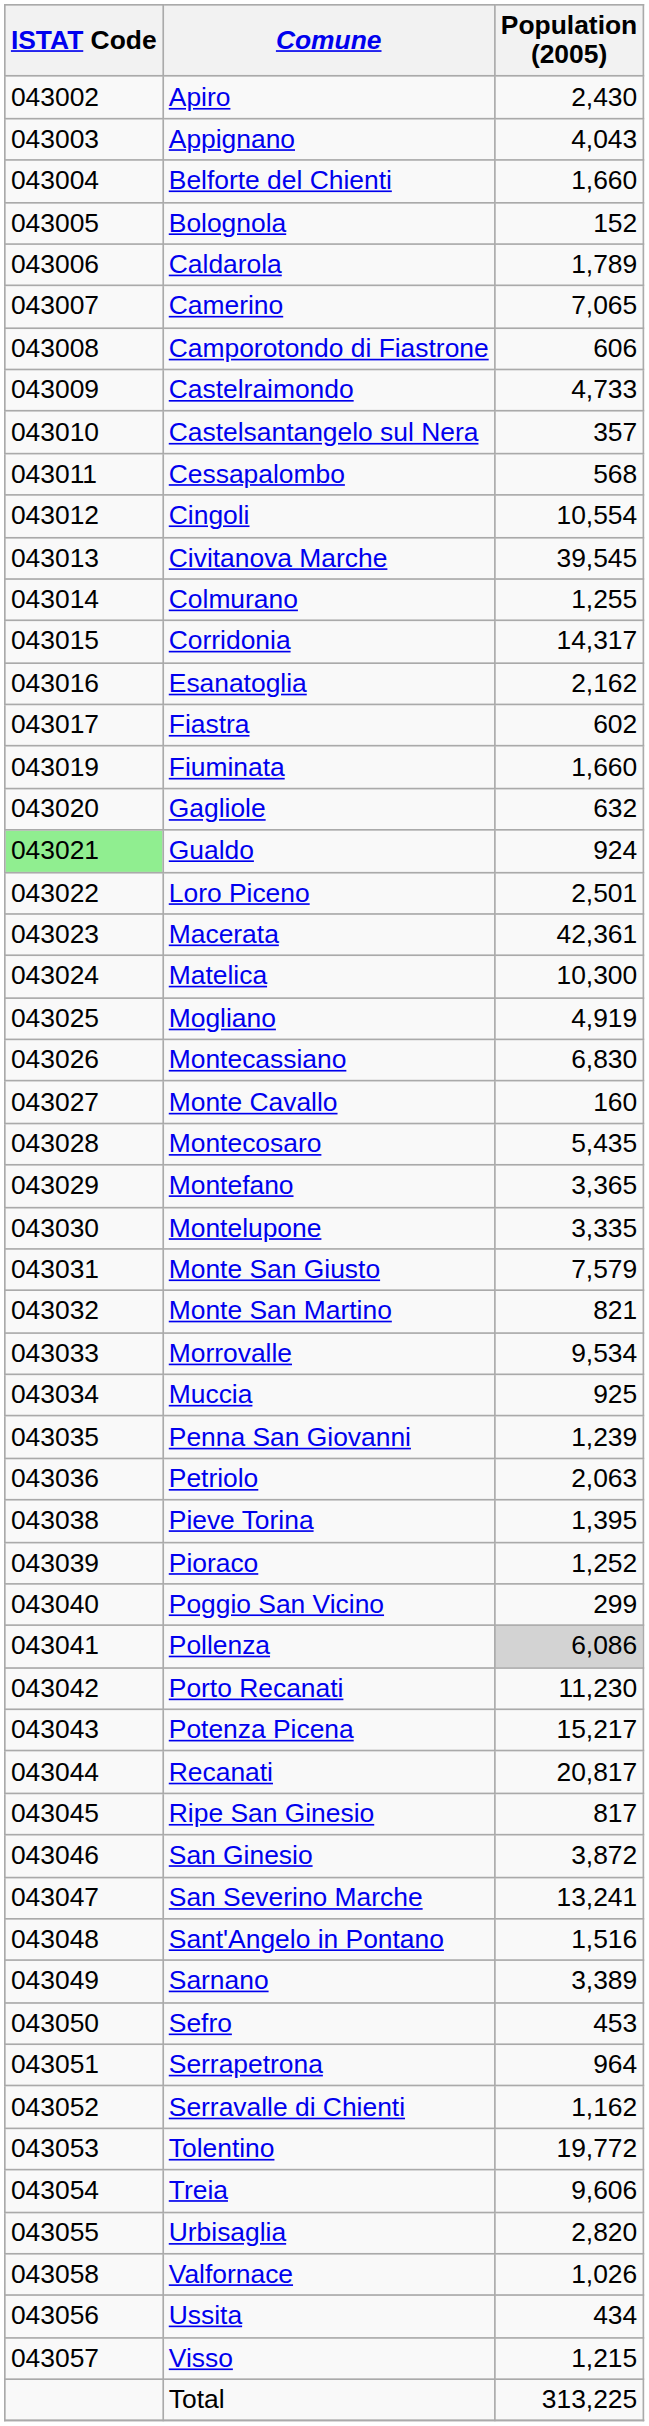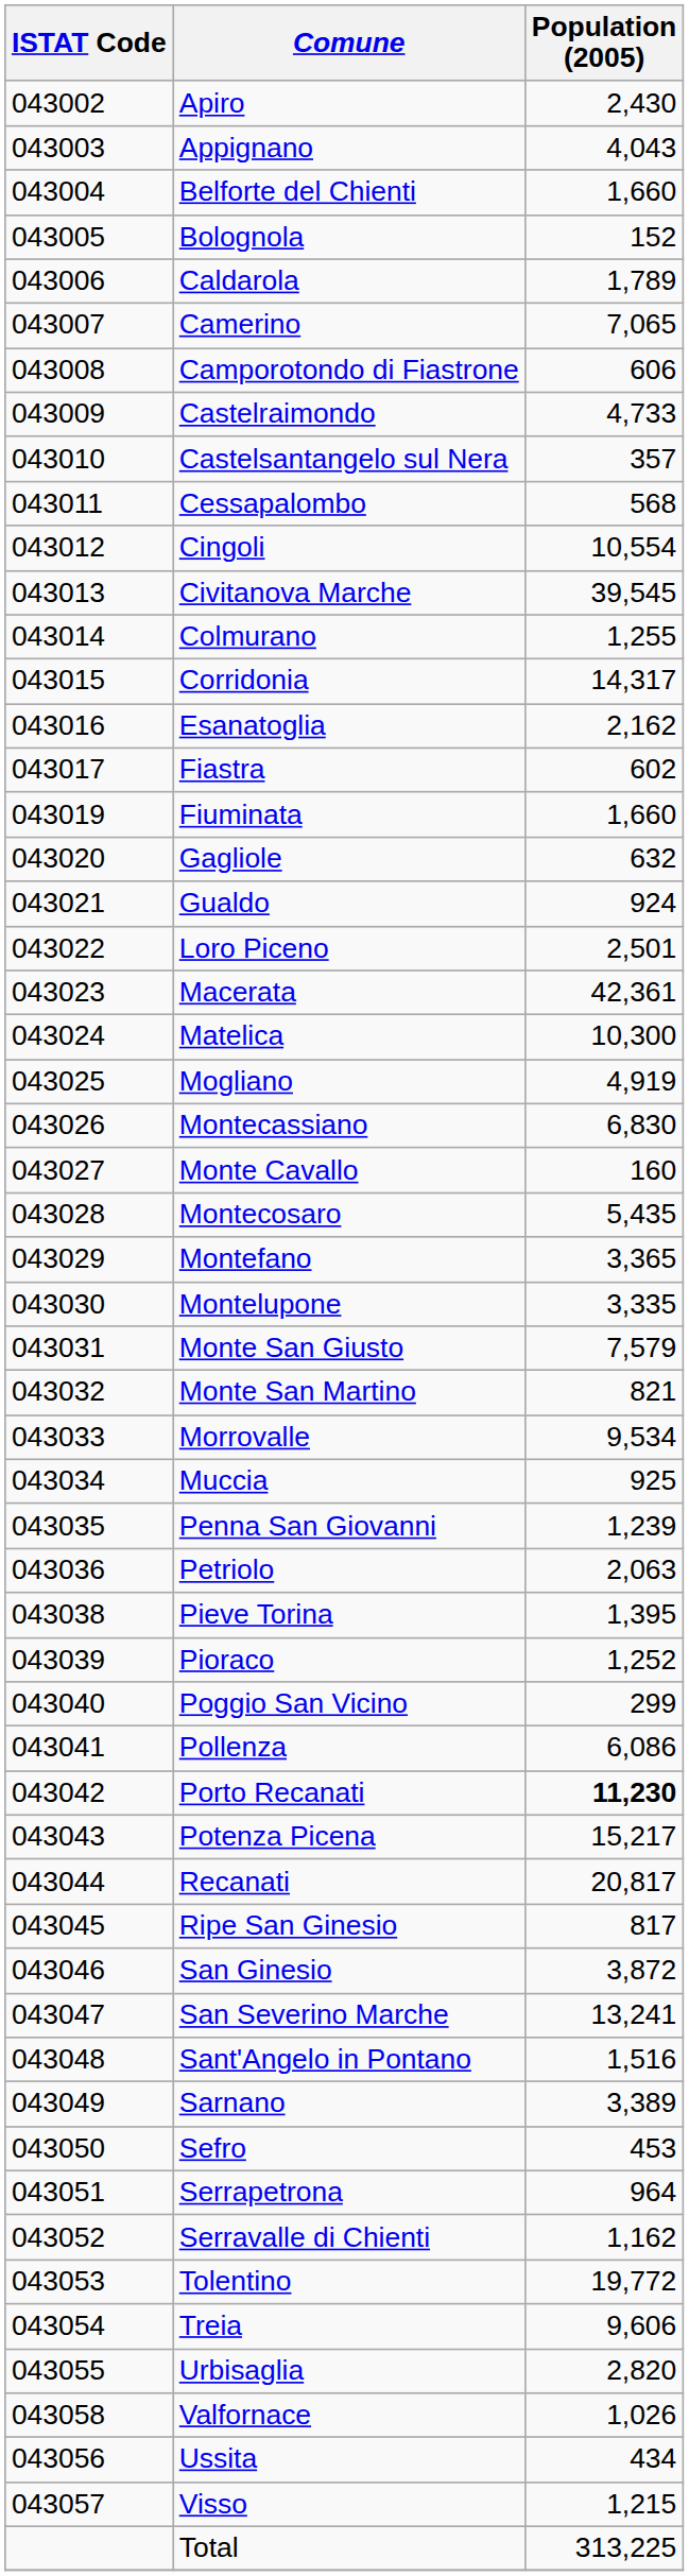 <table class="wikitable sortable">
 <tr>
 <th><a href='#'>ISTAT</a> Code</th>
 <th><em><a href='#'>Comune</a></em></th>
 <th>Population <br>(2005)</th>
 </tr>
 <tr>
 <td>043002</td>
 <td><a href='#'>Apiro</a></td>
 <td align="right">2,430</td>
 </tr>
 <tr>
 <td>043003</td>
 <td><a href='#'>Appignano</a></td>
 <td align="right">4,043</td>
 </tr>
 <tr>
 <td>043004</td>
 <td><a href='#'>Belforte del Chienti</a></td>
 <td align="right">1,660</td>
 </tr>
 <tr>
 <td>043005</td>
 <td><a href='#'>Bolognola</a></td>
 <td align="right">152</td>
 </tr>
 <tr>
 <td>043006</td>
 <td><a href='#'>Caldarola</a></td>
 <td align="right">1,789</td>
 </tr>
 <tr>
 <td>043007</td>
 <td><a href='#'>Camerino</a></td>
 <td align="right">7,065</td>
 </tr>
 <tr>
 <td>043008</td>
 <td><a href='#'>Camporotondo di Fiastrone</a></td>
 <td align="right">606</td>
 </tr>
 <tr>
 <td>043009</td>
 <td><a href='#'>Castelraimondo</a></td>
 <td align="right">4,733</td>
 </tr>
 <tr>
 <td>043010</td>
 <td><a href='#'>Castelsantangelo sul Nera</a></td>
 <td align="right">357</td>
 </tr>
 <tr>
 <td>043011</td>
 <td><a href='#'>Cessapalombo</a></td>
 <td align="right">568</td>
 </tr>
 <tr>
 <td>043012</td>
 <td><a href='#'>Cingoli</a></td>
 <td align="right">10,554</td>
 </tr>
 <tr>
 <td>043013</td>
 <td><a href='#'>Civitanova Marche</a></td>
 <td align="right">39,545</td>
 </tr>
 <tr>
 <td>043014</td>
 <td><a href='#'>Colmurano</a></td>
 <td align="right">1,255</td>
 </tr>
 <tr>
 <td>043015</td>
 <td><a href='#'>Corridonia</a></td>
 <td align="right">14,317</td>
 </tr>
 <tr>
 <td>043016</td>
 <td><a href='#'>Esanatoglia</a></td>
 <td align="right">2,162</td>
 </tr>
 <tr>
 <td>043017</td>
 <td><a href='#'>Fiastra</a></td>
 <td align="right">602</td>
 </tr>
 <tr>
 <td>043019</td>
 <td><a href='#'>Fiuminata</a></td>
 <td align="right">1,660</td>
 </tr>
 <tr>
 <td>043020</td>
 <td><a href='#'>Gagliole</a></td>
 <td align="right">632</td>
 </tr>
 <tr>
-<td style="background: lightgreen;">043021</td>
+<td>043021</td>
 <td><a href='#'>Gualdo</a></td>
 <td align="right">924</td>
 </tr>
 <tr>
 <td>043022</td>
 <td><a href='#'>Loro Piceno</a></td>
 <td align="right">2,501</td>
 </tr>
 <tr>
 <td>043023</td>
 <td><a href='#'>Macerata</a></td>
 <td align="right">42,361</td>
 </tr>
 <tr>
 <td>043024</td>
 <td><a href='#'>Matelica</a></td>
 <td align="right">10,300</td>
 </tr>
 <tr>
 <td>043025</td>
 <td><a href='#'>Mogliano</a></td>
 <td align="right">4,919</td>
 </tr>
 <tr>
 <td>043026</td>
 <td><a href='#'>Montecassiano</a></td>
 <td align="right">6,830</td>
 </tr>
 <tr>
 <td>043027</td>
 <td><a href='#'>Monte Cavallo</a></td>
 <td align="right">160</td>
 </tr>
 <tr>
 <td>043028</td>
 <td><a href='#'>Montecosaro</a></td>
 <td align="right">5,435</td>
 </tr>
 <tr>
 <td>043029</td>
 <td><a href='#'>Montefano</a></td>
 <td align="right">3,365</td>
 </tr>
 <tr>
 <td>043030</td>
 <td><a href='#'>Montelupone</a></td>
 <td align="right">3,335</td>
 </tr>
 <tr>
 <td>043031</td>
 <td><a href='#'>Monte San Giusto</a></td>
 <td align="right">7,579</td>
 </tr>
 <tr>
 <td>043032</td>
 <td><a href='#'>Monte San Martino</a></td>
 <td align="right">821</td>
 </tr>
 <tr>
 <td>043033</td>
 <td><a href='#'>Morrovalle</a></td>
 <td align="right">9,534</td>
 </tr>
 <tr>
 <td>043034</td>
 <td><a href='#'>Muccia</a></td>
 <td align="right">925</td>
 </tr>
 <tr>
 <td>043035</td>
 <td><a href='#'>Penna San Giovanni</a></td>
 <td align="right">1,239</td>
 </tr>
 <tr>
 <td>043036</td>
 <td><a href='#'>Petriolo</a></td>
 <td align="right">2,063</td>
 </tr>
 <tr>
 <td>043038</td>
 <td><a href='#'>Pieve Torina</a></td>
 <td align="right">1,395</td>
 </tr>
 <tr>
 <td>043039</td>
 <td><a href='#'>Pioraco</a></td>
 <td align="right">1,252</td>
 </tr>
 <tr>
 <td>043040</td>
 <td><a href='#'>Poggio San Vicino</a></td>
 <td align="right">299</td>
 </tr>
 <tr>
 <td>043041</td>
 <td><a href='#'>Pollenza</a></td>
-<td align="right" style="background: lightgrey;">6,086</td>
+<td align="right">6,086</td>
 </tr>
 <tr>
 <td>043042</td>
 <td><a href='#'>Porto Recanati</a></td>
-<td align="right">11,230</td>
+<td align="right"><strong>11,230</strong></td>
 </tr>
 <tr>
 <td>043043</td>
 <td><a href='#'>Potenza Picena</a></td>
 <td align="right">15,217</td>
 </tr>
 <tr>
 <td>043044</td>
 <td><a href='#'>Recanati</a></td>
 <td align="right">20,817</td>
 </tr>
 <tr>
 <td>043045</td>
 <td><a href='#'>Ripe San Ginesio</a></td>
 <td align="right">817</td>
 </tr>
 <tr>
 <td>043046</td>
 <td><a href='#'>San Ginesio</a></td>
 <td align="right">3,872</td>
 </tr>
 <tr>
 <td>043047</td>
 <td><a href='#'>San Severino Marche</a></td>
 <td align="right">13,241</td>
 </tr>
 <tr>
 <td>043048</td>
 <td><a href='#'>Sant'Angelo in Pontano</a></td>
 <td align="right">1,516</td>
 </tr>
 <tr>
 <td>043049</td>
 <td><a href='#'>Sarnano</a></td>
 <td align="right">3,389</td>
 </tr>
 <tr>
 <td>043050</td>
 <td><a href='#'>Sefro</a></td>
 <td align="right">453</td>
 </tr>
 <tr>
 <td>043051</td>
 <td><a href='#'>Serrapetrona</a></td>
 <td align="right">964</td>
 </tr>
 <tr>
 <td>043052</td>
 <td><a href='#'>Serravalle di Chienti</a></td>
 <td align="right">1,162</td>
 </tr>
 <tr>
 <td>043053</td>
 <td><a href='#'>Tolentino</a></td>
 <td align="right">19,772</td>
 </tr>
 <tr>
 <td>043054</td>
 <td><a href='#'>Treia</a></td>
 <td align="right">9,606</td>
 </tr>
 <tr>
 <td>043055</td>
 <td><a href='#'>Urbisaglia</a></td>
 <td align="right">2,820</td>
 </tr>
 <tr>
 <td>043058</td>
 <td><a href='#'>Valfornace</a></td>
 <td align="right">1,026</td>
 </tr>
 <tr>
 <td>043056</td>
 <td><a href='#'>Ussita</a></td>
 <td align="right">434</td>
 </tr>
 <tr>
 <td>043057</td>
 <td><a href='#'>Visso</a></td>
 <td align="right">1,215</td>
 </tr>
 <tr>
 <td></td>
 <td>Total</td>
 <td align="right">313,225</td>
 </tr>
 <tr>
 </tr>
 </table>
